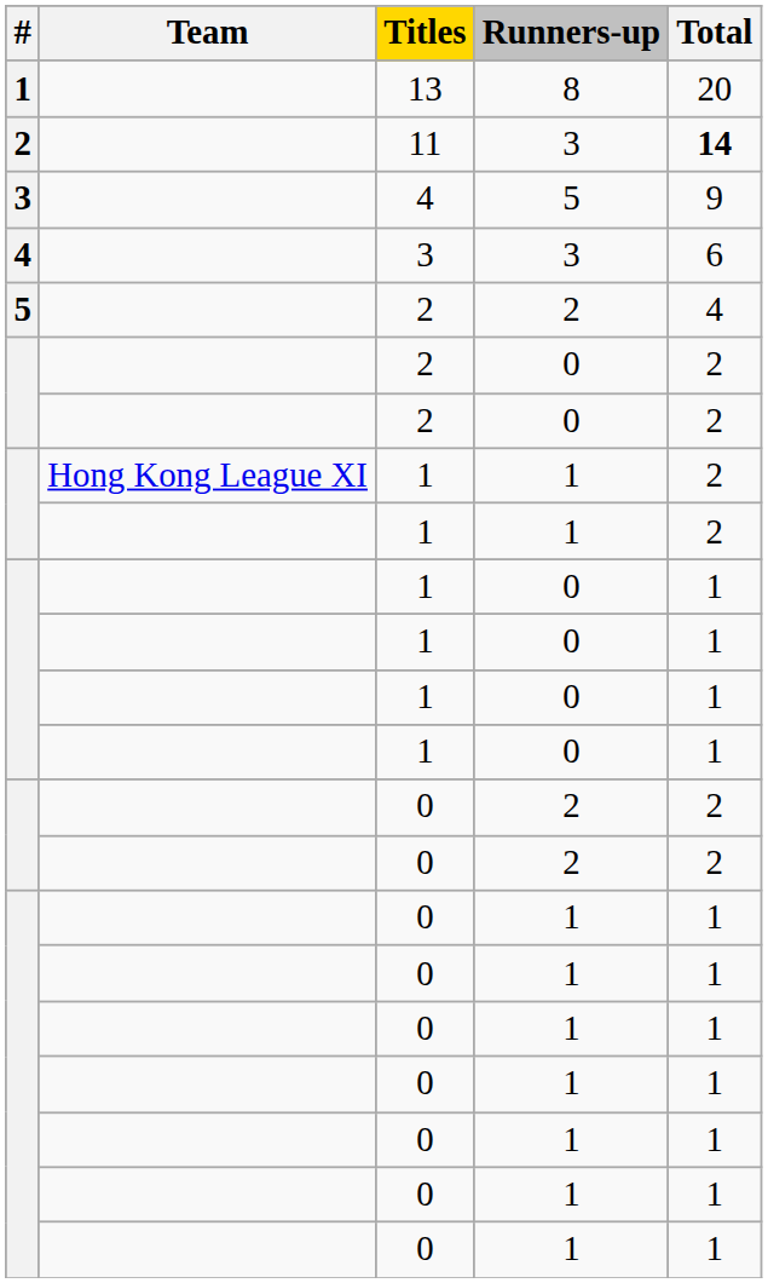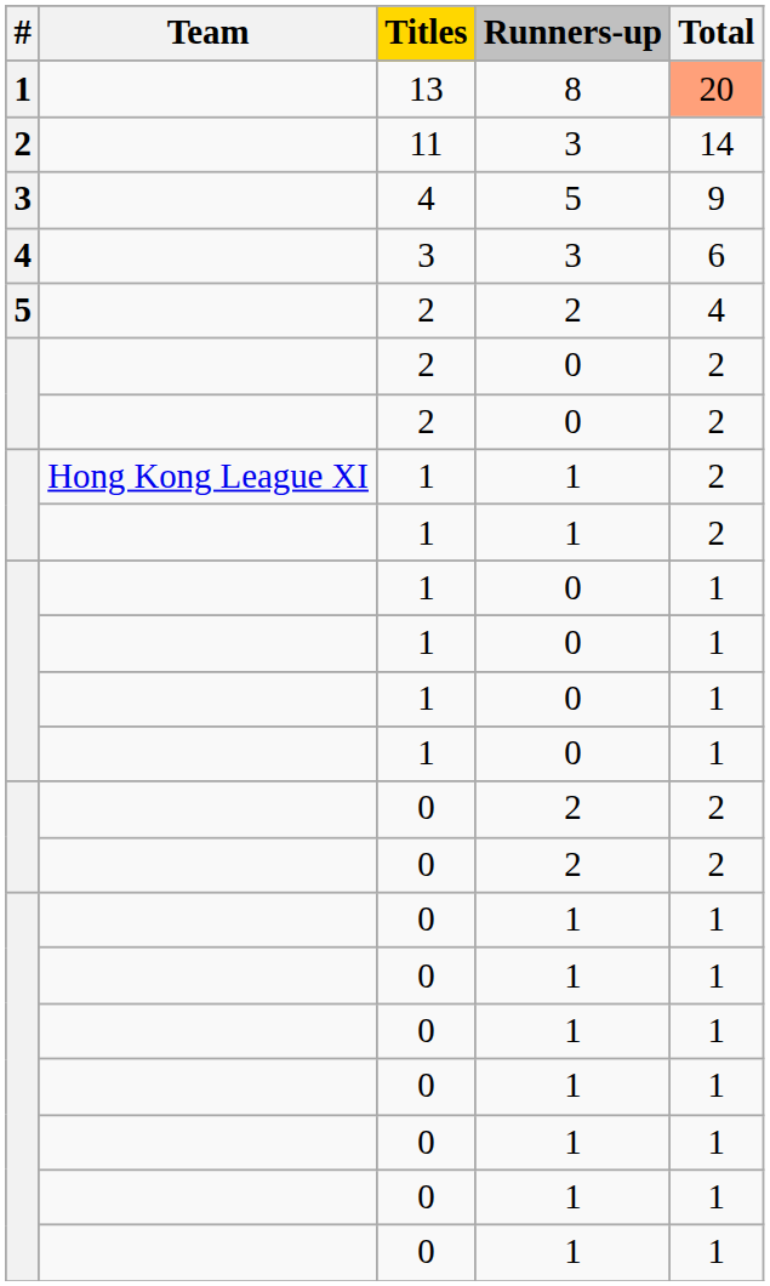 <table class="wikitable plainrowheaders sortable" style="text-align: center;">
 <tr>
 <th>#</th>
 <th>Team</th>
 <th style="background:gold;"> Titles</th>
 <th style="background:silver;"> Runners-up</th>
 <th>Total</th>
 </tr>
 <tr>
 <th scope="row" style="text-align: center;">1</th>
 <td align=left></td>
 <td>13</td>
 <td>8</td>
-<td>20</td>
+<td style="background: lightsalmon;">20</td>
 </tr>
 <tr>
 <th scope="row" style="text-align: center;">2</th>
 <td align=left></td>
 <td>11</td>
 <td>3</td>
-<td><strong>14</strong></td>
+<td>14</td>
 </tr>
 <tr>
 <th scope="row" style="text-align: center;">3</th>
 <td align=left></td>
 <td>4</td>
 <td>5</td>
 <td>9</td>
 </tr>
 <tr>
 <th scope="row" style="text-align: center;">4</th>
 <td align=left></td>
 <td>3</td>
 <td>3</td>
 <td>6</td>
 </tr>
 <tr>
 <th scope="row" style="text-align: center;">5</th>
 <td align=left></td>
 <td>2</td>
 <td>2</td>
 <td>4</td>
 </tr>
 <tr>
 <th rowspan="2" style="text-align: center;"></th>
 <td align=left></td>
 <td>2</td>
 <td>0</td>
 <td>2</td>
 </tr>
 <tr>
 <td align=left></td>
 <td>2</td>
 <td>0</td>
 <td>2</td>
 </tr>
 <tr>
 <th rowspan="2" style="text-align: center;"></th>
 <td align=left> <a href='#'>Hong Kong League XI</a></td>
 <td>1</td>
 <td>1</td>
 <td>2</td>
 </tr>
 <tr>
 <td align=left></td>
 <td>1</td>
 <td>1</td>
 <td>2</td>
 </tr>
 <tr>
 <th rowspan="4" style="text-align: center;"></th>
 <td align=left></td>
 <td>1</td>
 <td>0</td>
 <td>1</td>
 </tr>
 <tr>
 <td align=left></td>
 <td>1</td>
 <td>0</td>
 <td>1</td>
 </tr>
 <tr>
 <td align=left></td>
 <td>1</td>
 <td>0</td>
 <td>1</td>
 </tr>
 <tr>
 <td align=left></td>
 <td>1</td>
 <td>0</td>
 <td>1</td>
 </tr>
 <tr>
 <th rowspan="2" style="text-align: center;"></th>
 <td align=left></td>
 <td>0</td>
 <td>2</td>
 <td>2</td>
 </tr>
 <tr>
 <td align=left></td>
 <td>0</td>
 <td>2</td>
 <td>2</td>
 </tr>
 <tr>
 <th rowspan="7" style="text-align: center;"></th>
 <td align=left></td>
 <td>0</td>
 <td>1</td>
 <td>1</td>
 </tr>
 <tr>
 <td align=left></td>
 <td>0</td>
 <td>1</td>
 <td>1</td>
 </tr>
 <tr>
 <td align=left></td>
 <td>0</td>
 <td>1</td>
 <td>1</td>
 </tr>
 <tr>
 <td align=left></td>
 <td>0</td>
 <td>1</td>
 <td>1</td>
 </tr>
 <tr>
 <td align=left></td>
 <td>0</td>
 <td>1</td>
 <td>1</td>
 </tr>
 <tr>
 <td align=left></td>
 <td>0</td>
 <td>1</td>
 <td>1</td>
 </tr>
 <tr>
 <td align=left></td>
 <td>0</td>
 <td>1</td>
 <td>1</td>
 </tr>
 </table>
